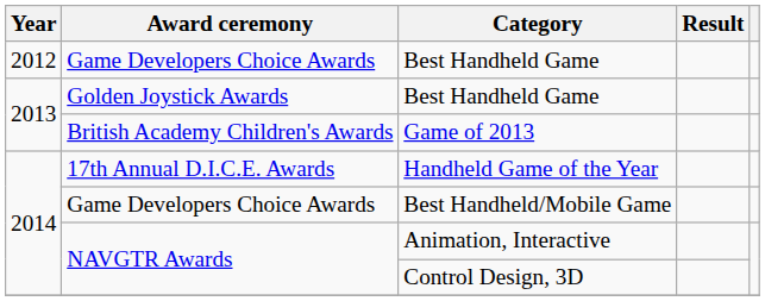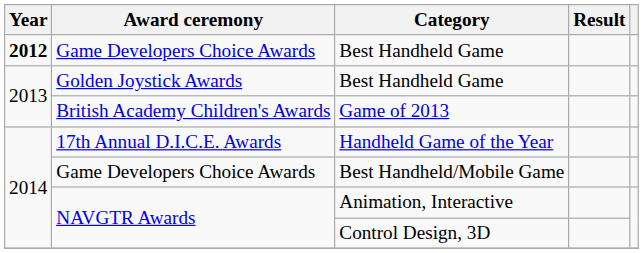 <table class="wikitable plainrowheaders sortable" width="auto">
 <tr>
 <th scope="col">Year</th>
 <th scope="col">Award ceremony</th>
 <th scope="col">Category</th>
 <th scope="col">Result</th>
 <th scope="col" class="unsortable"></th>
 </tr>
 <tr>
-<td rowspan="1" style="text-align:center;">2012</td>
+<td rowspan="1" style="text-align:center;"><strong>2012</strong></td>
 <td rowspan="1"><a href='#'>Game Developers Choice Awards</a></td>
 <td>Best Handheld Game</td>
 <td></td>
 <td rowspan="1" style="text-align:center;"></td>
 </tr>
 <tr>
 <td rowspan="2" style="text-align:center;">2013</td>
 <td rowspan="1"><a href='#'>Golden Joystick Awards</a></td>
 <td>Best Handheld Game</td>
 <td></td>
 <td rowspan="1" style="text-align:center;"></td>
 </tr>
 <tr>
 <td><a href='#'>British Academy Children's Awards</a></td>
 <td><a href='#'>Game of 2013</a></td>
 <td></td>
 <td align="center"></td>
 </tr>
 <tr>
 <td rowspan="4" style="text-align:center;">2014</td>
 <td rowspan="1"><a href='#'>17th Annual D.I.C.E. Awards</a></td>
 <td><a href='#'>Handheld Game of the Year</a></td>
 <td></td>
 <td rowspan="1" style="text-align:center;"></td>
 </tr>
 <tr>
 <td>Game Developers Choice Awards</td>
 <td>Best Handheld/Mobile Game</td>
 <td></td>
 <td rowspan="1" style="text-align:center;"></td>
 </tr>
 <tr>
 <td rowspan="2"><a href='#'>NAVGTR Awards</a></td>
 <td>Animation, Interactive</td>
 <td></td>
 <td rowspan="2" style="text-align:center;"></td>
 </tr>
 <tr>
 <td>Control Design, 3D</td>
 <td></td>
 </tr>
 <tr>
 </tr>
 </table>
